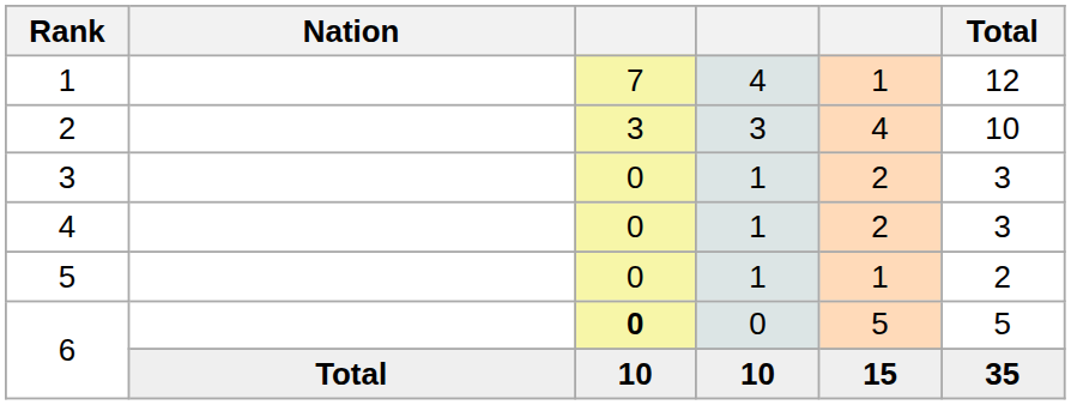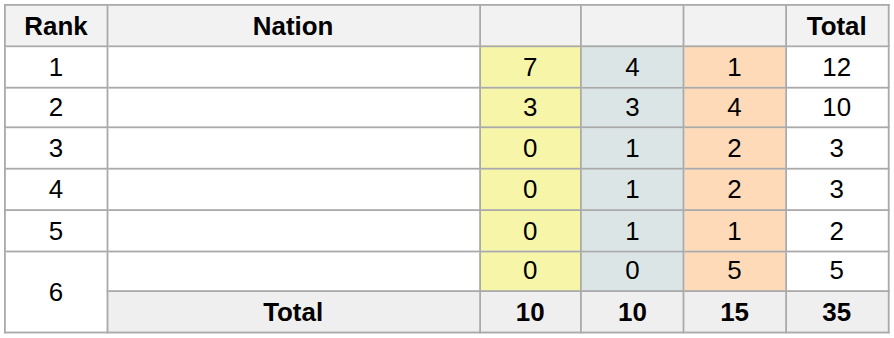 <table class=wikitable style="border:1px solid #AAAAAA; font-size:90%; text-align:center;">
 <tr style="background:#EFEFEF;">
 <th style="width:50px;">Rank</th>
 <th style="width:200px;">Nation</th>
 <th style="width:50px;"></th>
 <th style="width:50px;"></th>
 <th style="width:50px;"></th>
 <th style="width:50px;">Total</th>
 </tr>
 <tr style="background:white;">
 <td>1</td>
 <td style="text-align:left;"></td>
 <td style="background:#F7F6A8;">7</td>
 <td style="background:#DCE5E5;">4</td>
 <td style="background:#FFDAB9;">1</td>
 <td>12</td>
 </tr>
 <tr style="background:white;">
 <td>2</td>
 <td style="text-align:left;"></td>
 <td style="background:#F7F6A8;">3</td>
 <td style="background:#DCE5E5;">3</td>
 <td style="background:#FFDAB9;">4</td>
 <td>10</td>
 </tr>
 <tr style="background:white;">
 <td>3</td>
 <td style="text-align:left;"></td>
 <td style="background:#F7F6A8;">0</td>
 <td style="background:#DCE5E5;">1</td>
 <td style="background:#FFDAB9;">2</td>
 <td>3</td>
 </tr>
 <tr style="background:white;">
 <td>4</td>
 <td style="text-align:left;"></td>
 <td style="background:#F7F6A8;">0</td>
 <td style="background:#DCE5E5;">1</td>
 <td style="background:#FFDAB9;">2</td>
 <td>3</td>
 </tr>
 <tr style="background:white;">
 <td>5</td>
 <td style="text-align:left;"></td>
 <td style="background:#F7F6A8;">0</td>
 <td style="background:#DCE5E5;">1</td>
 <td style="background:#FFDAB9;">1</td>
 <td>2</td>
 </tr>
 <tr style="background:white;">
 <td rowspan="2">6</td>
 <td style="text-align:left;"></td>
-<td style="background:#F7F6A8;"><strong>0</strong></td>
+<td style="background:#F7F6A8;">0</td>
 <td style="background:#DCE5E5;">0</td>
 <td style="background:#FFDAB9;">5</td>
 <td>5</td>
 </tr>
 <tr style="background:#efefef;">
 <td colspan="1"><strong>Total</strong></td>
 <td><strong>10</strong></td>
 <td><strong>10</strong></td>
 <td><strong>15</strong></td>
 <td><strong>35</strong></td>
 </tr>
 </table>
